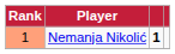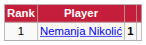 <table class="wikitable" style="text-align:center">
 <tr>
 <th style="background:#C41E3A; color:white; text-align:center;">Rank</th>
 <th style="background:#C41E3A; color:white; text-align:center;">Player</th>
 <th style="background:#C41E3A; color:white; text-align:center;"></th>
 <th style="background:#C41E3A; color:white; text-align:center;"></th>
 </tr>
 <tr>
-<td style="background: lightsalmon;">1</td>
+<td>1</td>
 <td align="left"> <a href='#'>Nemanja Nikolić</a></td>
 <td><strong>1</strong></td>
 <td></td>
 </tr>
 <tr>
 </tr>
 </table>
